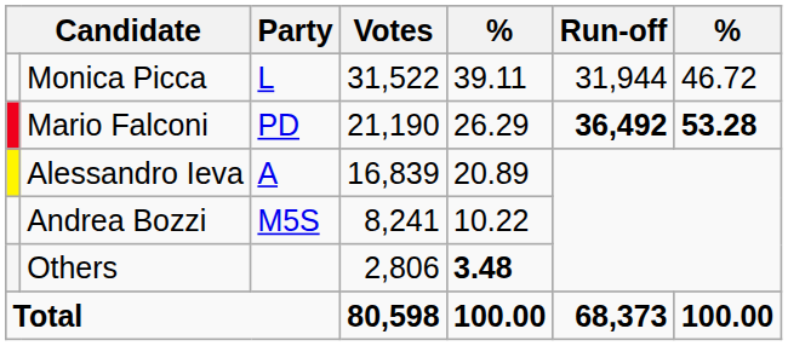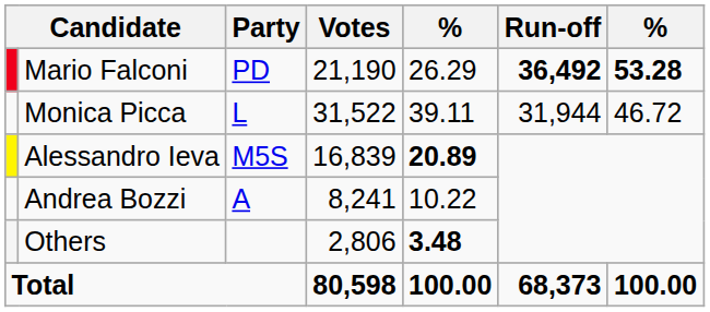 <table class="wikitable" style="font-size:95%">
 <tr style="background:#efefef;">
 <th colspan=2>Candidate</th>
 <th>Party</th>
 <th>Votes</th>
 <th>%</th>
 <th>Run-off</th>
 <th>%</th>
+</tr>
+<tr>
+<td bgcolor="#F0001C"></td>
+<td>Mario Falconi</td>
+<td><a href='#'>PD</a></td>
+<td align=right>21,190</td>
+<td>26.29</td>
+<td align=right><strong>36,492</strong></td>
+<td><strong>53.28</strong></td>
 </tr>
 <tr>
 <td></td>
 <td>Monica Picca</td>
 <td><a href='#'>L</a></td>
 <td align=right>31,522</td>
 <td>39.11</td>
 <td align=right>31,944</td>
 <td>46.72</td>
 </tr>
 <tr>
-<td bgcolor="#F0001C"></td>
-<td>Mario Falconi</td>
-<td><a href='#'>PD</a></td>
-<td align=right>21,190</td>
-<td>26.29</td>
-<td align=right><strong>36,492</strong></td>
-<td><strong>53.28</strong></td>
-</tr>
-<tr>
 <td bgcolor="#FFF500"></td>
 <td>Alessandro Ieva</td>
-<td><a href='#'>A</a></td>
+<td><a href='#'>M5S</a></td>
 <td align=right>16,839</td>
-<td>20.89</td>
+<td><strong>20.89</strong></td>
 </tr>
 <tr>
 <td></td>
 <td>Andrea Bozzi</td>
-<td><a href='#'>M5S</a></td>
+<td><a href='#'>A</a></td>
 <td align=right>8,241</td>
 <td>10.22</td>
 </tr>
 <tr>
 <td bgcolor="#F5F5F5"></td>
 <td>Others</td>
 <td></td>
 <td align=right>2,806</td>
 <td><strong>3.48</strong></td>
 </tr>
 <tr>
 <td align="left" colspan=3><strong>Total</strong></td>
 <td align="right"><strong>80,598</strong></td>
 <td align="right"><strong>100.00</strong></td>
 <td align="right"><strong>68,373</strong></td>
 <td align="right"><strong>100.00</strong></td>
 </tr>
 </table>
